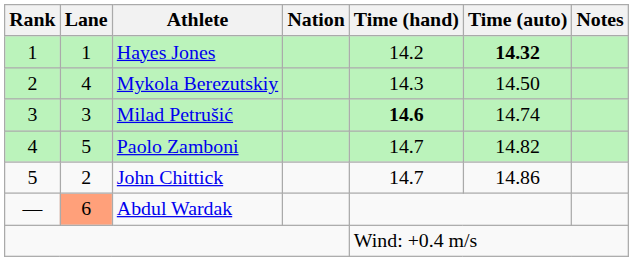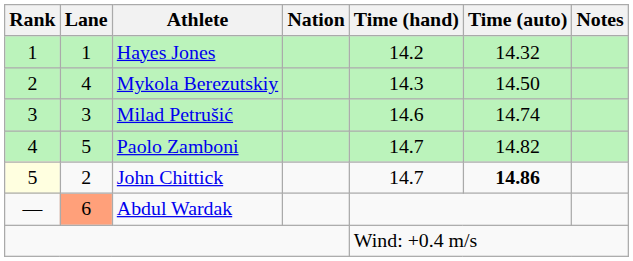 <table class="wikitable sortable" style="text-align:center">
 <tr>
 <th>Rank</th>
 <th>Lane</th>
 <th>Athlete</th>
 <th>Nation</th>
 <th>Time (hand)</th>
 <th>Time (auto)</th>
 <th>Notes</th>
 </tr>
 <tr bgcolor=bbf3bb>
 <td>1</td>
 <td>1</td>
 <td align=left><a href='#'>Hayes Jones</a></td>
 <td align=left></td>
 <td>14.2</td>
-<td><strong>14.32</strong></td>
+<td>14.32</td>
 <td></td>
 </tr>
 <tr bgcolor=bbf3bb>
 <td>2</td>
 <td>4</td>
 <td align=left><a href='#'>Mykola Berezutskiy</a></td>
 <td align=left></td>
 <td>14.3</td>
 <td>14.50</td>
 <td></td>
 </tr>
 <tr bgcolor=bbf3bb>
 <td>3</td>
 <td>3</td>
 <td align=left><a href='#'>Milad Petrušić</a></td>
 <td align=left></td>
-<td><strong>14.6</strong></td>
+<td>14.6</td>
 <td>14.74</td>
 <td></td>
 </tr>
 <tr bgcolor=bbf3bb>
 <td>4</td>
 <td>5</td>
 <td align=left><a href='#'>Paolo Zamboni</a></td>
 <td align=left></td>
 <td>14.7</td>
 <td>14.82</td>
 <td></td>
 </tr>
 <tr>
-<td>5</td>
+<td style="background: lightyellow;">5</td>
 <td>2</td>
 <td align=left><a href='#'>John Chittick</a></td>
 <td align=left></td>
 <td>14.7</td>
-<td>14.86</td>
+<td><strong>14.86</strong></td>
 <td></td>
 </tr>
 <tr>
 <td data-sort-value=6>—</td>
 <td style="background: lightsalmon;">6</td>
 <td align=left><a href='#'>Abdul Wardak</a></td>
 <td align=left></td>
 <td colspan=2></td>
 <td></td>
 </tr>
 <tr class="sortbottom">
 <td colspan=4></td>
 <td colspan="3" style="text-align:left;">Wind: +0.4 m/s</td>
 </tr>
 </table>
